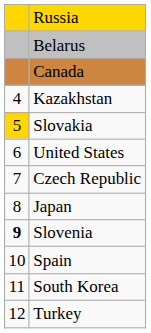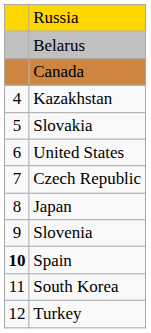 <table class="wikitable">
 <tr style="background:gold;">
 <td align=center></td>
 <td> Russia</td>
 </tr>
 <tr style="background:silver;">
 <td align=center></td>
 <td> Belarus</td>
 </tr>
 <tr style="background:peru;">
 <td align=center></td>
 <td> Canada</td>
 </tr>
 <tr>
 <td align=center>4</td>
 <td> Kazakhstan</td>
 </tr>
 <tr>
-<td align=center style="background: gold;">5</td>
+<td align=center>5</td>
 <td> Slovakia</td>
 </tr>
 <tr>
 <td align=center>6</td>
 <td> United States</td>
 </tr>
 <tr>
 <td align=center>7</td>
 <td> Czech Republic</td>
 </tr>
 <tr>
 <td align=center>8</td>
 <td> Japan</td>
 </tr>
 <tr>
-<td align=center><strong>9</strong></td>
+<td align=center>9</td>
 <td> Slovenia</td>
 </tr>
 <tr>
-<td align=center>10</td>
+<td align=center><strong>10</strong></td>
 <td> Spain</td>
 </tr>
 <tr>
 <td align=center>11</td>
 <td> South Korea</td>
 </tr>
 <tr>
 <td align=center>12</td>
 <td> Turkey</td>
 </tr>
 </table>
